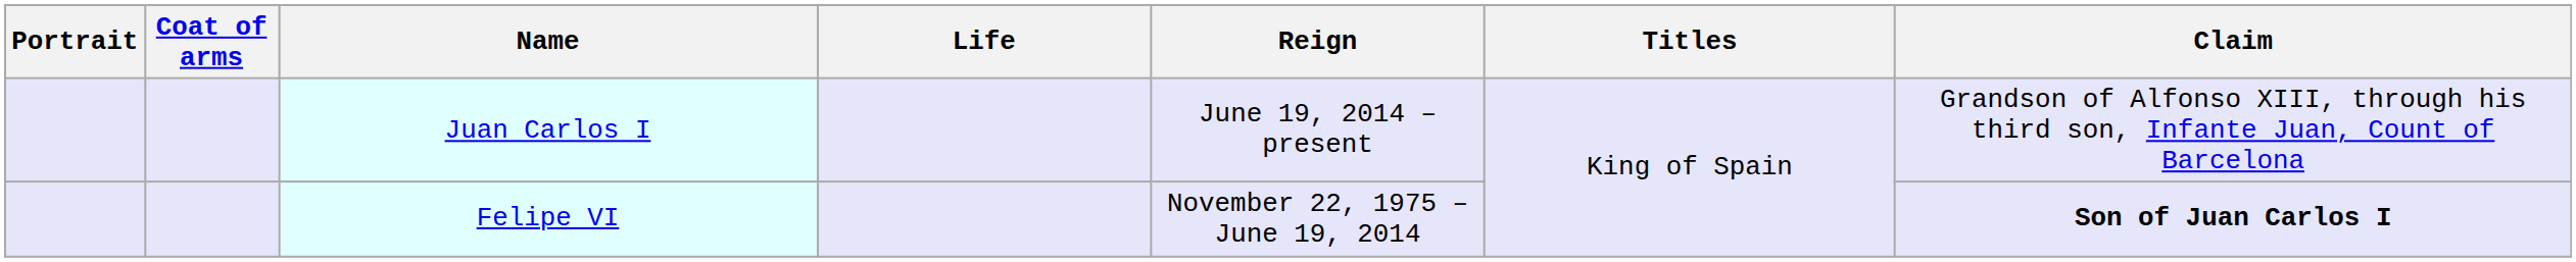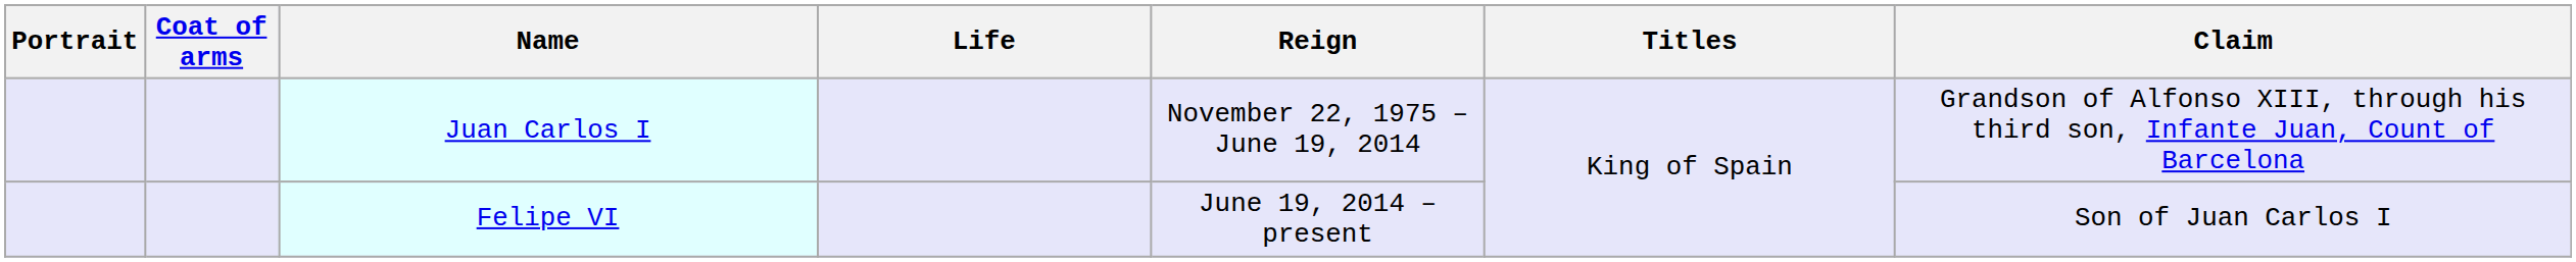 <table style="text-align:center; background:#E6E6FA; width:100%" class="wikitable">
 <tr>
 <th>Portrait</th>
 <th><a href='#'>Coat of arms</a></th>
 <th width=21%>Name</th>
 <th width=13%>Life</th>
 <th width=13%>Reign</th>
 <th width=16%>Titles</th>
 <th>Claim</th>
 </tr>
 <tr>
 <td></td>
 <td></td>
 <td bgcolor=#E0FFFF><a href='#'>Juan Carlos I</a></td>
 <td></td>
-<td>June 19, 2014 – present</td>
+<td>November 22, 1975 – June 19, 2014</td>
 <td rowspan="2">King of Spain</td>
 <td>Grandson of Alfonso XIII, through his third son, <a href='#'>Infante Juan, Count of Barcelona</a></td>
 </tr>
 <tr>
 <td></td>
 <td></td>
 <td bgcolor=#E0FFFF><a href='#'>Felipe VI</a></td>
 <td></td>
-<td>November 22, 1975 – June 19, 2014</td>
-<td><strong>Son of Juan Carlos I</strong></td>
+<td>June 19, 2014 – present</td>
+<td>Son of Juan Carlos I</td>
 </tr>
 </table>
